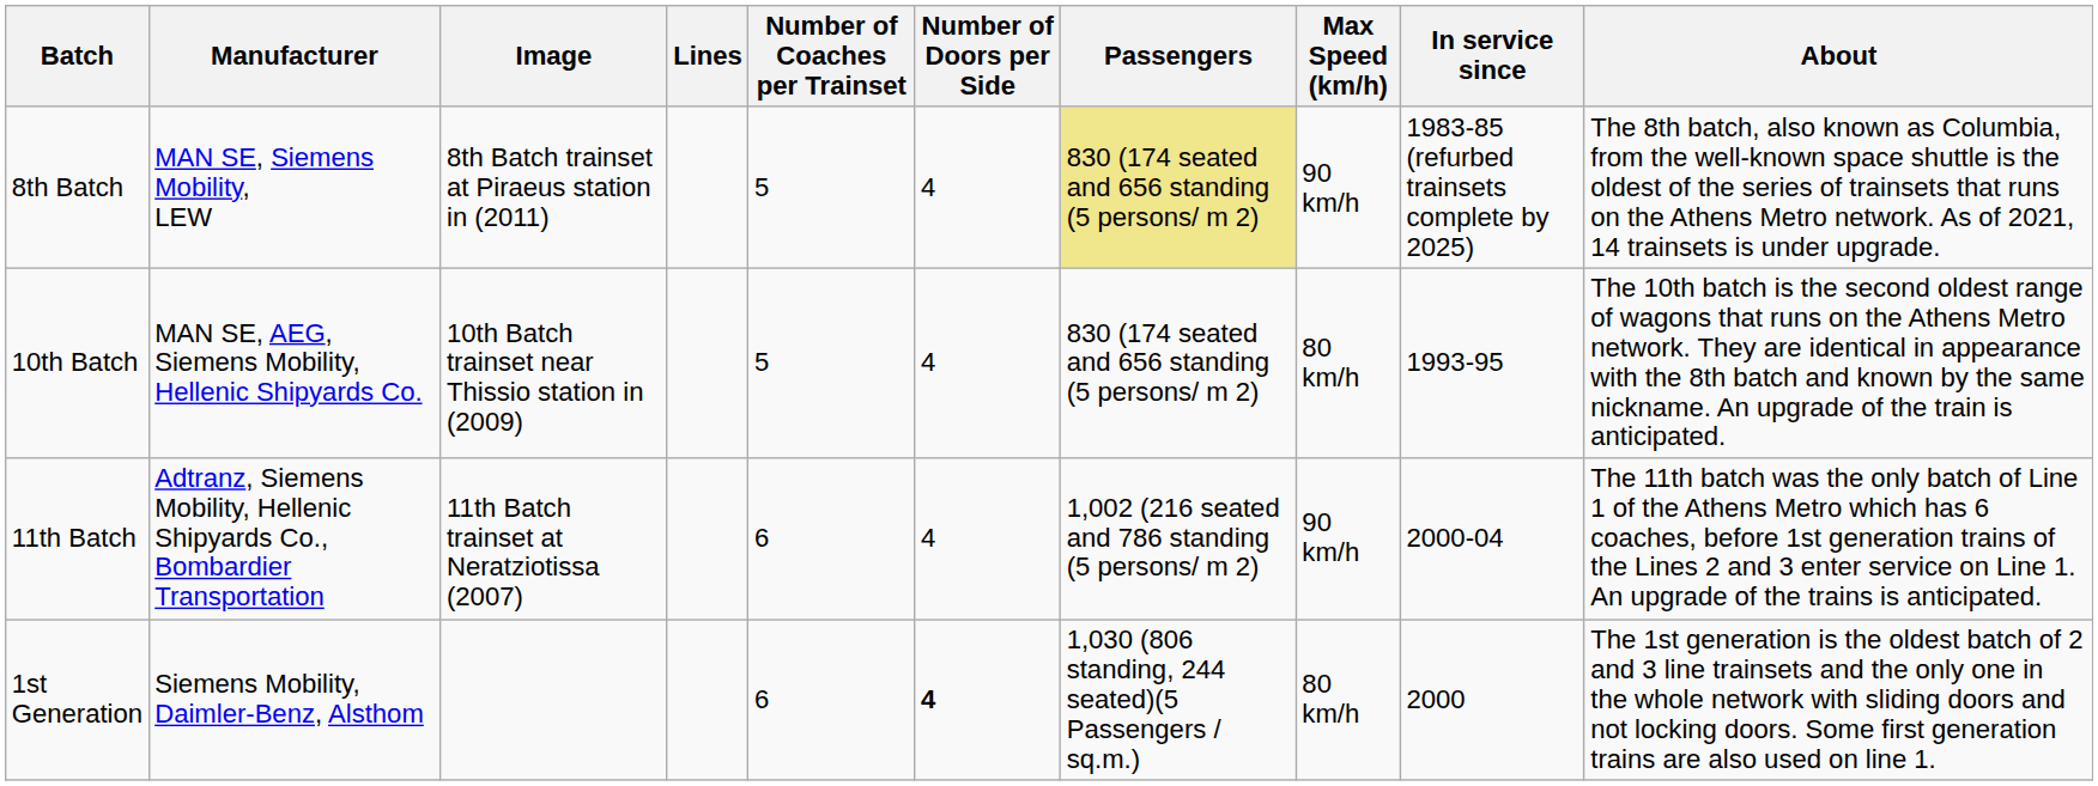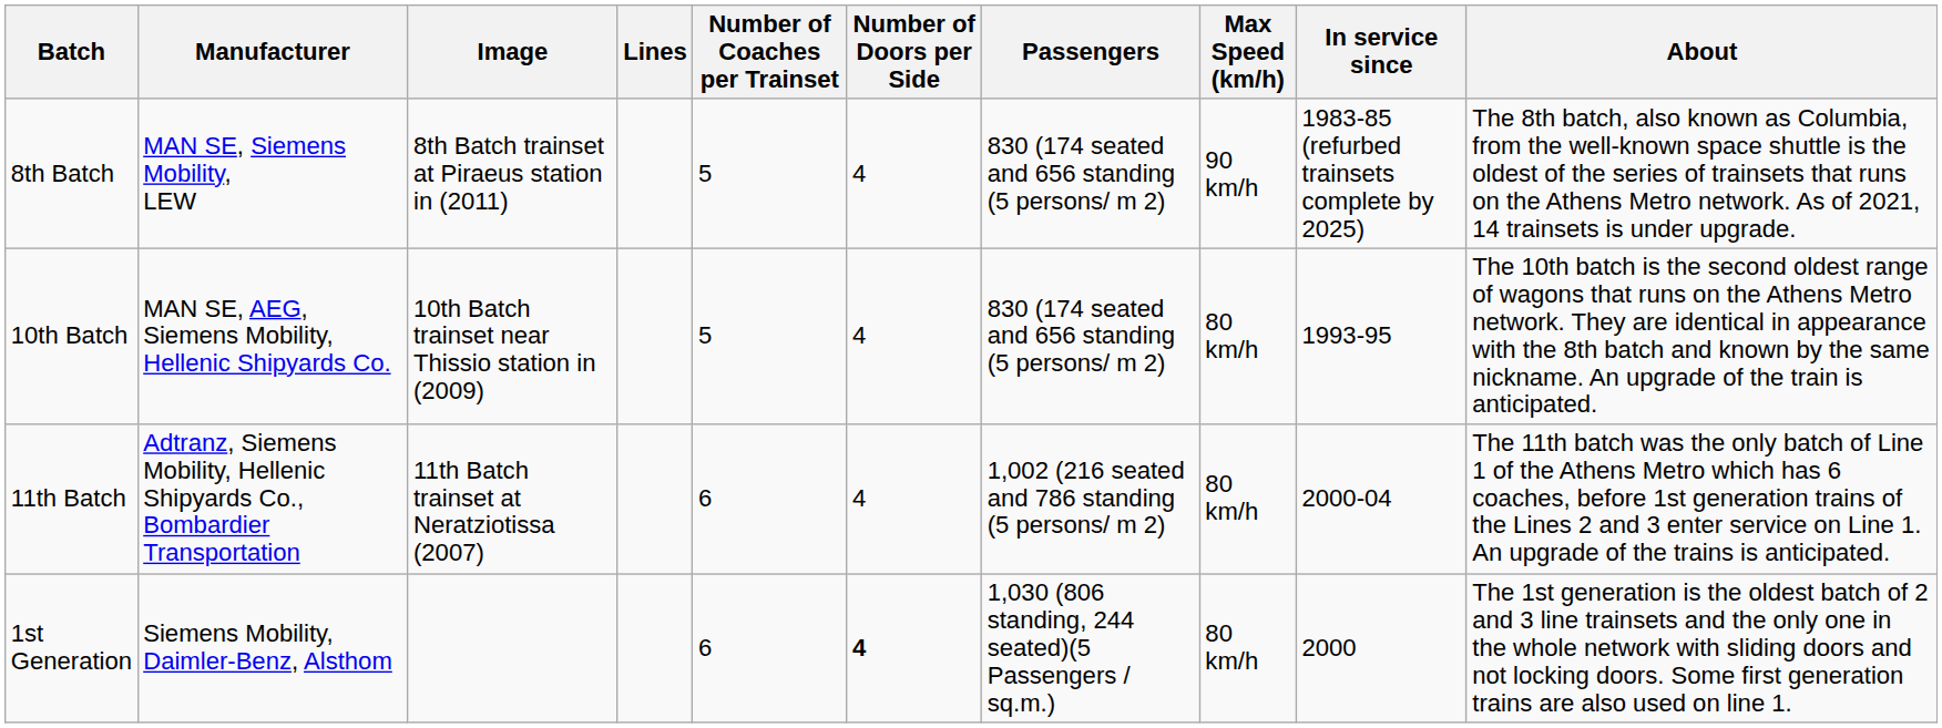 <table class="wikitable sortable" style="width: 100%; margin-bottom: 34px;">
 <tr>
 <th>Batch</th>
 <th>Manufacturer</th>
 <th>Image</th>
 <th>Lines</th>
 <th>Number of Coaches per Trainset</th>
 <th>Number of Doors per Side</th>
 <th>Passengers</th>
 <th>Max<br>Speed (km/h)</th>
 <th>In service since</th>
 <th>About</th>
 </tr>
 <tr>
 <td>8th Batch</td>
 <td><a href='#'>MAN SE</a>, <a href='#'>Siemens Mobility</a>,<br>LEW</td>
 <td>8th Batch trainset at Piraeus station in (2011)</td>
 <td></td>
 <td>5</td>
 <td>4</td>
-<td style="background: khaki;">830 (174 seated and 656 standing (5 persons/ m 2)</td>
+<td>830 (174 seated and 656 standing (5 persons/ m 2)</td>
 <td>90 km/h</td>
 <td>1983-85 (refurbed trainsets complete by 2025)</td>
 <td>The 8th batch, also known as Columbia, from the well-known space shuttle is the oldest of the series of trainsets that runs on the Athens Metro network. As of 2021, 14 trainsets is under upgrade.</td>
 </tr>
 <tr>
 <td>10th Batch</td>
 <td>MAN SE, <a href='#'>AEG</a>, Siemens Mobility, <a href='#'>Hellenic Shipyards Co.</a></td>
 <td> <br>10th Batch trainset near Thissio station in (2009)</td>
 <td></td>
 <td>5</td>
 <td>4</td>
 <td>830 (174 seated and 656 standing (5 persons/ m 2)</td>
 <td>80 km/h</td>
 <td>1993-95</td>
 <td>The 10th batch is the second oldest range of wagons that runs on the Athens Metro network. They are identical in appearance with the 8th batch and known by the same nickname. An upgrade of the train is anticipated.</td>
 </tr>
 <tr>
 <td>11th Batch</td>
 <td><a href='#'>Adtranz</a>, Siemens Mobility, Hellenic Shipyards Co., <a href='#'>Bombardier Transportation</a></td>
 <td><br>11th Batch trainset at Neratziotissa (2007)</td>
 <td></td>
 <td>6</td>
 <td>4</td>
 <td>1,002 (216 seated and 786 standing (5 persons/ m 2)</td>
-<td>90 km/h</td>
+<td>80 km/h</td>
 <td>2000-04</td>
 <td>The 11th batch was the only batch of Line 1 of the Athens Metro which has 6 coaches, before 1st generation trains of the Lines 2 and 3 enter service on Line 1. An upgrade of the trains is anticipated.<br></td>
 </tr>
 <tr>
 <td>1st<br>Generation</td>
 <td>Siemens Mobility, <a href='#'>Daimler-Benz</a>, <a href='#'>Alsthοm</a></td>
 <td></td>
 <td>  </td>
 <td>6</td>
 <td><strong>4</strong></td>
 <td>1,030 (806 standing, 244 seated)(5 Passengers / sq.m.)</td>
 <td>80 km/h</td>
 <td>2000</td>
 <td>The 1st generation is the oldest batch of 2 and 3 line trainsets and the only one in the whole network with sliding doors and not locking doors. Some first generation trains are also used on line 1.</td>
 </tr>
 </table>
